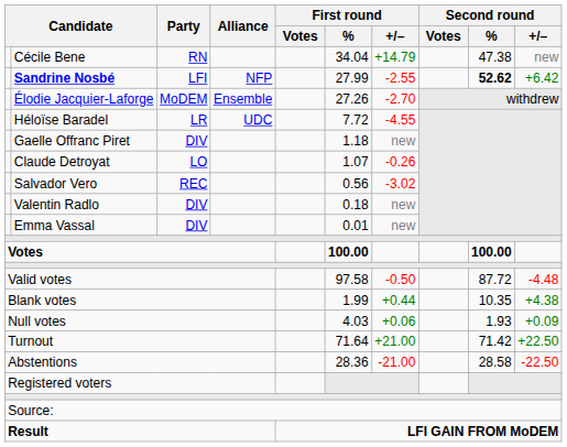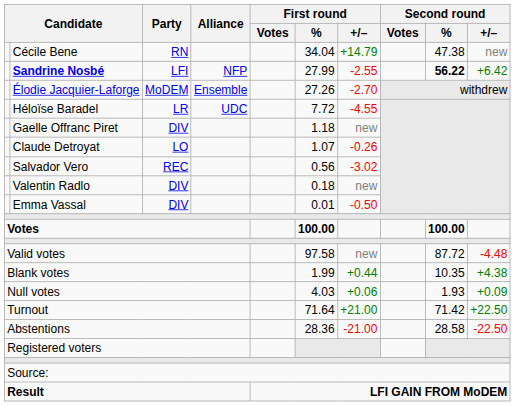 <table class="wikitable" style="text-align:right;font-size:95%;">
 <tr>
 <th rowspan="2" colspan="2">Candidate</th>
 <th colspan="1" rowspan="2">Party</th>
 <th colspan="1" rowspan="2">Alliance</th>
 <th colspan="3">First round</th>
 <th colspan="3">Second round</th>
 </tr>
 <tr>
 <th style="width:50px;">Votes</th>
 <th style="width:45px;">%</th>
 <th style="width:45px;">+/–</th>
 <th style="width:50px;">Votes</th>
 <th style="width:45px;">%</th>
 <th style="width:45px;">+/–</th>
 </tr>
 <tr>
 <td style="color:inherit;background:"></td>
 <td style="text-align:left;">Cécile Bene</td>
 <td><a href='#'>RN</a></td>
 <td></td>
 <td></td>
 <td>34.04</td>
 <td style="color:green;">+14.79</td>
 <td></td>
 <td>47.38</td>
 <td style="color:grey;">new</td>
 </tr>
 <tr>
 <td style="color:inherit;background:"></td>
 <td style="text-align:left;"><strong><a href='#'>Sandrine Nosbé</a></strong></td>
 <td><a href='#'>LFI</a></td>
 <td><a href='#'>NFP</a></td>
 <td></td>
 <td>27.99</td>
 <td style="color:red;">-2.55</td>
 <td><strong></strong></td>
-<td><strong>52.62</strong></td>
+<td><strong>56.22</strong></td>
 <td style="color:green;">+6.42</td>
 </tr>
 <tr>
 <td style="color:inherit;background:"></td>
 <td style="text-align:left;"><a href='#'>Élodie Jacquier-Laforge</a></td>
 <td><a href='#'>MoDEM</a></td>
 <td><a href='#'>Ensemble</a></td>
 <td></td>
 <td>27.26</td>
 <td style="color:red;">-2.70</td>
 <td colspan="3" style="background:#E9E9E9;">withdrew</td>
 </tr>
 <tr>
 <td style="color:inherit;background:"></td>
 <td style="text-align:left;">Héloïse Baradel</td>
 <td><a href='#'>LR</a></td>
 <td><a href='#'>UDC</a></td>
 <td></td>
 <td>7.72</td>
 <td style="color:red;">-4.55</td>
 <td colspan="3" rowspan="6" style="background:#E9E9E9;"></td>
 </tr>
 <tr>
 <td style="color:inherit;background:"></td>
 <td style="text-align:left;">Gaelle Offranc Piret</td>
 <td><a href='#'>DIV</a></td>
 <td></td>
 <td></td>
 <td>1.18</td>
 <td style="color:grey;">new</td>
 </tr>
 <tr>
 <td style="color:inherit;background:"></td>
 <td style="text-align:left;">Claude Detroyat</td>
 <td><a href='#'>LO</a></td>
 <td></td>
 <td></td>
 <td>1.07</td>
 <td style="color:red;">-0.26</td>
 </tr>
 <tr>
 <td style="color:inherit;background:"></td>
 <td style="text-align:left;">Salvador Vero</td>
 <td><a href='#'>REC</a></td>
 <td></td>
 <td></td>
 <td>0.56</td>
 <td style="color:red;">-3.02</td>
 </tr>
 <tr>
 <td style="color:inherit;background:"></td>
 <td style="text-align:left;">Valentin Radlo</td>
 <td><a href='#'>DIV</a></td>
 <td></td>
 <td></td>
 <td>0.18</td>
 <td style="color:grey;">new</td>
 </tr>
 <tr>
 <td style="color:inherit;background:"></td>
 <td style="text-align:left;">Emma Vassal</td>
 <td><a href='#'>DIV</a></td>
 <td></td>
 <td></td>
 <td>0.01</td>
-<td style="color:grey;">new</td>
+<td style="color:red;">-0.50</td>
 </tr>
 <tr>
 <td colspan="10" style="background:#E9E9E9;"></td>
 </tr>
 <tr style="font-weight:bold;">
 <td colspan="4" style="text-align:left;">Votes</td>
 <td></td>
 <td>100.00</td>
 <td></td>
 <td></td>
 <td>100.00</td>
 <td></td>
 </tr>
 <tr>
 <td colspan="10" style="background:#E9E9E9;"></td>
 </tr>
 <tr>
 <td colspan="4" style="text-align:left;">Valid votes</td>
 <td></td>
 <td>97.58</td>
-<td style="color:red;">-0.50</td>
+<td style="color:grey;">new</td>
 <td></td>
 <td>87.72</td>
 <td style="color:red;">-4.48</td>
 </tr>
 <tr>
 <td colspan="4" style="text-align:left;">Blank votes</td>
 <td></td>
 <td>1.99</td>
 <td style="color:green;">+0.44</td>
 <td></td>
 <td>10.35</td>
 <td style="color:green;">+4.38</td>
 </tr>
 <tr>
 <td colspan="4" style="text-align:left;">Null votes</td>
 <td></td>
 <td>4.03</td>
 <td style="color:green;">+0.06</td>
 <td></td>
 <td>1.93</td>
 <td style="color:green;">+0.09</td>
 </tr>
 <tr>
 <td colspan="4" style="text-align:left;">Turnout</td>
 <td></td>
 <td>71.64</td>
 <td style="color:green;">+21.00</td>
 <td></td>
 <td>71.42</td>
 <td style="color:green;">+22.50</td>
 </tr>
 <tr>
 <td colspan="4" style="text-align:left;">Abstentions</td>
 <td></td>
 <td>28.36</td>
 <td style="color:red;">-21.00</td>
 <td></td>
 <td>28.58</td>
 <td style="color:red;">-22.50</td>
 </tr>
 <tr>
 <td colspan="4" style="text-align:left;">Registered voters</td>
 <td></td>
 <td colspan="2" style="background:#E9E9E9;"></td>
 <td></td>
 <td colspan="2" style="background:#E9E9E9;"></td>
 </tr>
 <tr>
 <td colspan="10" style="background:#E9E9E9;"></td>
 </tr>
 <tr>
 <td colspan="10" style="text-align:left;">Source: </td>
 </tr>
 <tr style="font-weight:bold">
 <td colspan="4" style="text-align:left;">Result</td>
 <td colspan="6" style="background-color:">LFI GAIN FROM MoDEM</td>
 </tr>
 </table>
